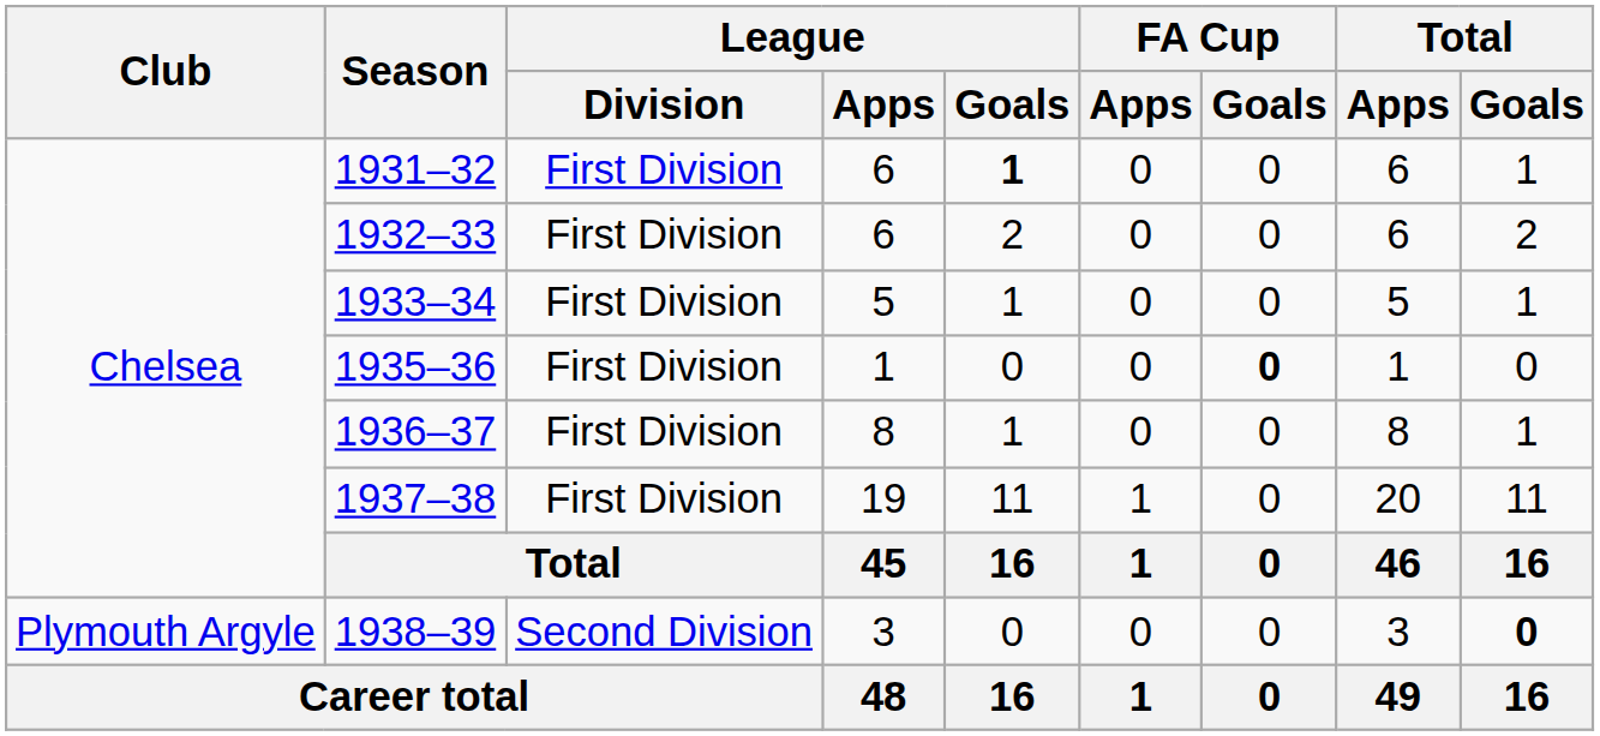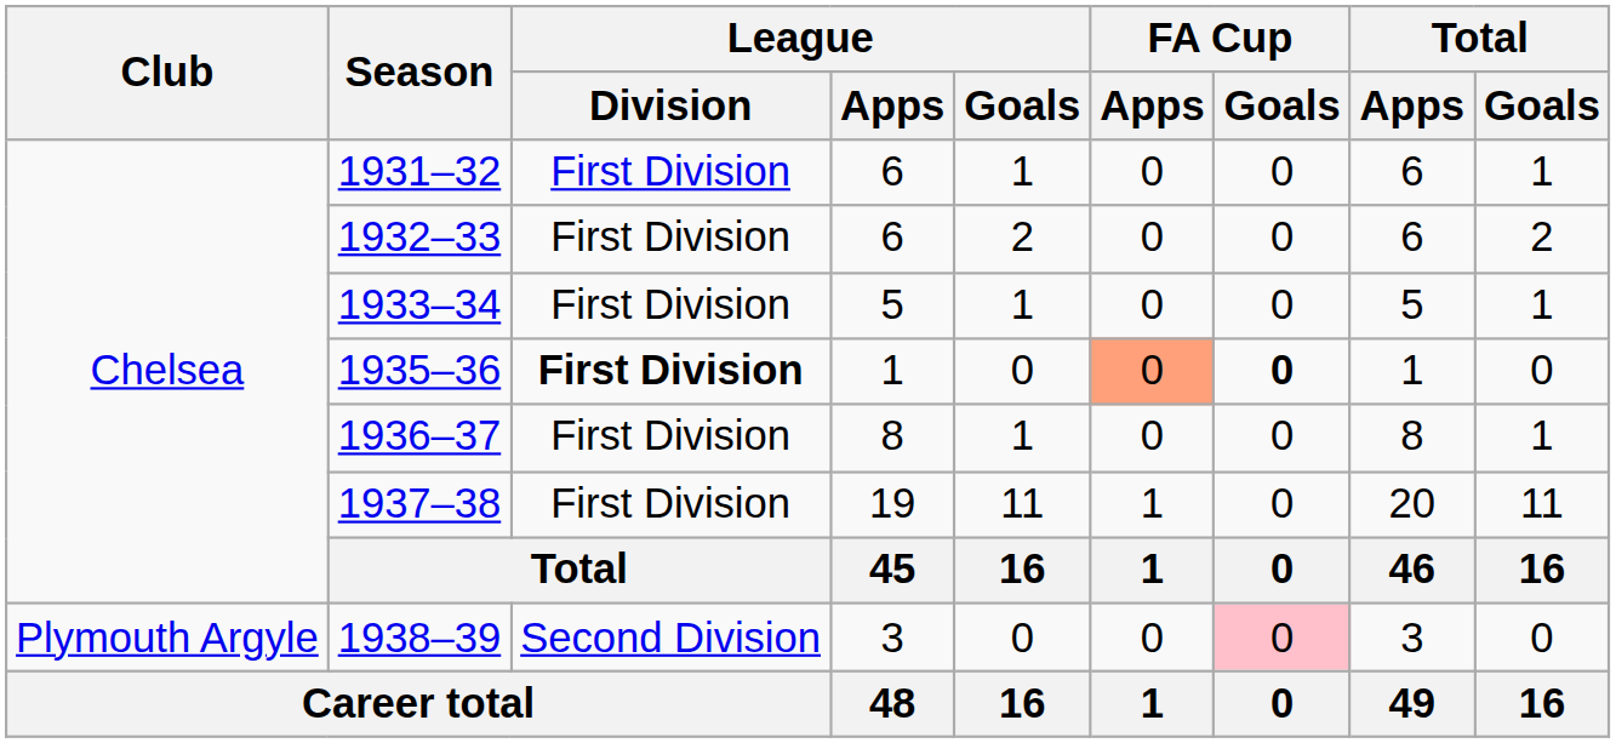 <table class="wikitable" style="text-align:center">
 <tr>
 <th rowspan="2">Club</th>
 <th rowspan="2">Season</th>
 <th colspan="3">League</th>
 <th colspan="2">FA Cup</th>
 <th colspan="2">Total</th>
 </tr>
 <tr>
 <th>Division</th>
 <th>Apps</th>
 <th>Goals</th>
 <th>Apps</th>
 <th>Goals</th>
 <th>Apps</th>
 <th>Goals</th>
 </tr>
 <tr>
 <td rowspan="7"><a href='#'>Chelsea</a></td>
 <td><a href='#'>1931–32</a></td>
 <td><a href='#'>First Division</a></td>
 <td>6</td>
-<td><strong>1</strong></td>
+<td>1</td>
 <td>0</td>
 <td>0</td>
 <td>6</td>
 <td>1</td>
 </tr>
 <tr>
 <td><a href='#'>1932–33</a></td>
 <td>First Division</td>
 <td>6</td>
 <td>2</td>
 <td>0</td>
 <td>0</td>
 <td>6</td>
 <td>2</td>
 </tr>
 <tr>
 <td><a href='#'>1933–34</a></td>
 <td>First Division</td>
 <td>5</td>
 <td>1</td>
 <td>0</td>
 <td>0</td>
 <td>5</td>
 <td>1</td>
 </tr>
 <tr>
 <td><a href='#'>1935–36</a></td>
-<td>First Division</td>
+<td><strong>First Division</strong></td>
 <td>1</td>
 <td>0</td>
-<td>0</td>
+<td style="background: lightsalmon;">0</td>
 <td><strong>0</strong></td>
 <td>1</td>
 <td>0</td>
 </tr>
 <tr>
 <td><a href='#'>1936–37</a></td>
 <td>First Division</td>
 <td>8</td>
 <td>1</td>
 <td>0</td>
 <td>0</td>
 <td>8</td>
 <td>1</td>
 </tr>
 <tr>
 <td><a href='#'>1937–38</a></td>
 <td>First Division</td>
 <td>19</td>
 <td>11</td>
 <td>1</td>
 <td>0</td>
 <td>20</td>
 <td>11</td>
 </tr>
 <tr>
 <th colspan="2">Total</th>
 <th>45</th>
 <th>16</th>
 <th>1</th>
 <th>0</th>
 <th>46</th>
 <th>16</th>
 </tr>
 <tr>
 <td><a href='#'>Plymouth Argyle</a></td>
 <td><a href='#'>1938–39</a></td>
 <td><a href='#'>Second Division</a></td>
 <td>3</td>
 <td>0</td>
 <td>0</td>
+<td style="background: pink;">0</td>
+<td>3</td>
 <td>0</td>
-<td>3</td>
-<td><strong>0</strong></td>
 </tr>
 <tr>
 <th colspan="3">Career total</th>
 <th>48</th>
 <th>16</th>
 <th>1</th>
 <th>0</th>
 <th>49</th>
 <th>16</th>
 </tr>
 </table>
